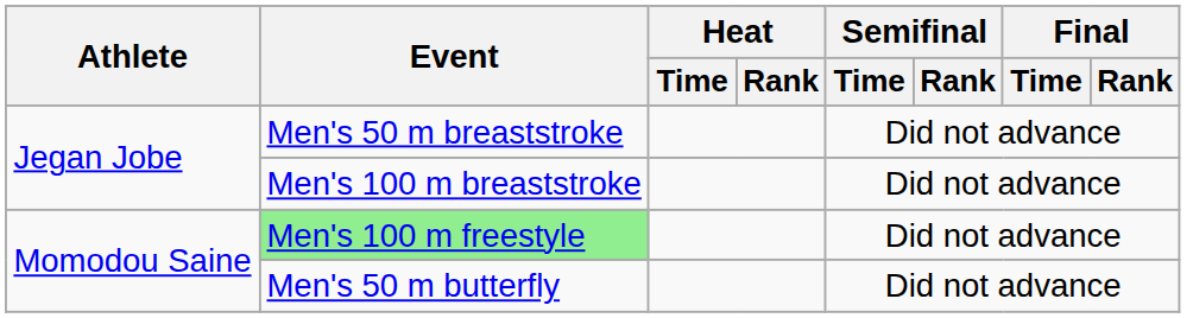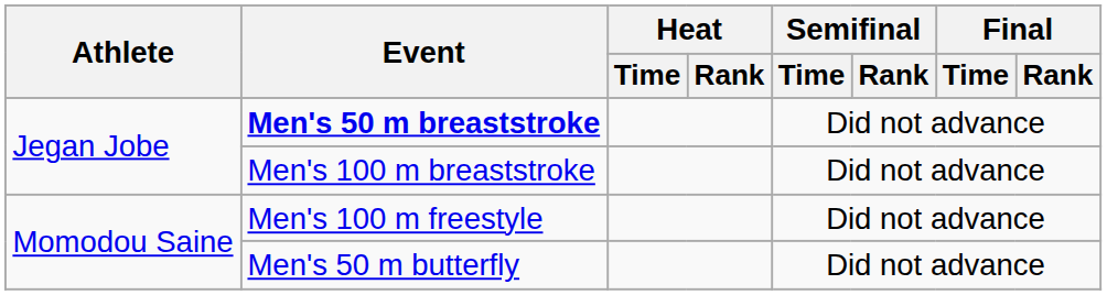 <table class=wikitable style="font-size:90%">
 <tr>
 <th rowspan="2">Athlete</th>
 <th rowspan="2">Event</th>
 <th colspan="2">Heat</th>
 <th colspan="2">Semifinal</th>
 <th colspan="2">Final</th>
 </tr>
 <tr style="font-size:95%">
 <th>Time</th>
 <th>Rank</th>
 <th>Time</th>
 <th>Rank</th>
 <th>Time</th>
 <th>Rank</th>
 </tr>
 <tr align=center>
 <td align=left rowspan=2><a href='#'>Jegan Jobe</a></td>
-<td align=left><a href='#'>Men's 50 m breaststroke</a></td>
+<td align=left><strong><a href='#'>Men's 50 m breaststroke</a></strong></td>
 <td colspan=2></td>
 <td colspan=4>Did not advance</td>
 </tr>
 <tr align=center>
 <td align=left><a href='#'>Men's 100 m breaststroke</a></td>
 <td colspan=2></td>
 <td colspan=4>Did not advance</td>
 </tr>
 <tr align=center>
 <td align=left rowspan=2><a href='#'>Momodou Saine</a></td>
-<td align=left style="background: lightgreen;"><a href='#'>Men's 100 m freestyle</a></td>
+<td align=left><a href='#'>Men's 100 m freestyle</a></td>
 <td colspan=2></td>
 <td colspan=4>Did not advance</td>
 </tr>
 <tr align=center>
 <td align=left><a href='#'>Men's 50 m butterfly</a></td>
 <td colspan=2></td>
 <td colspan=4>Did not advance</td>
 </tr>
 </table>
